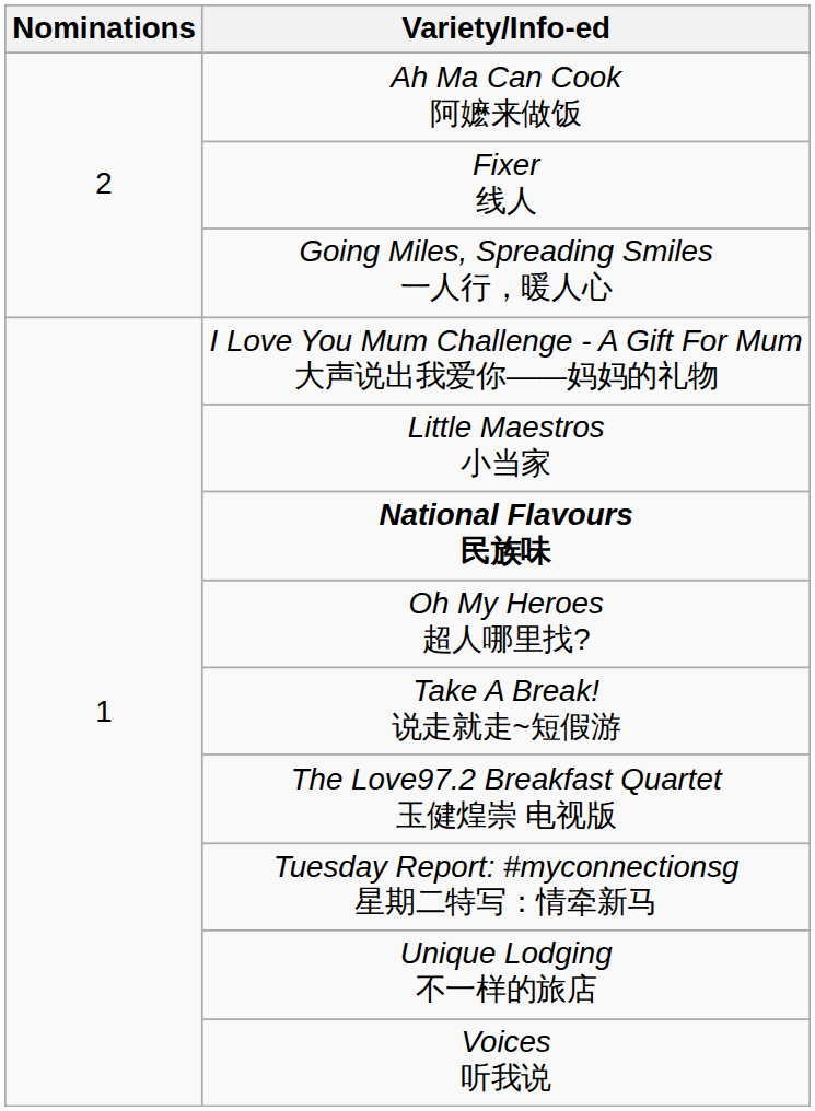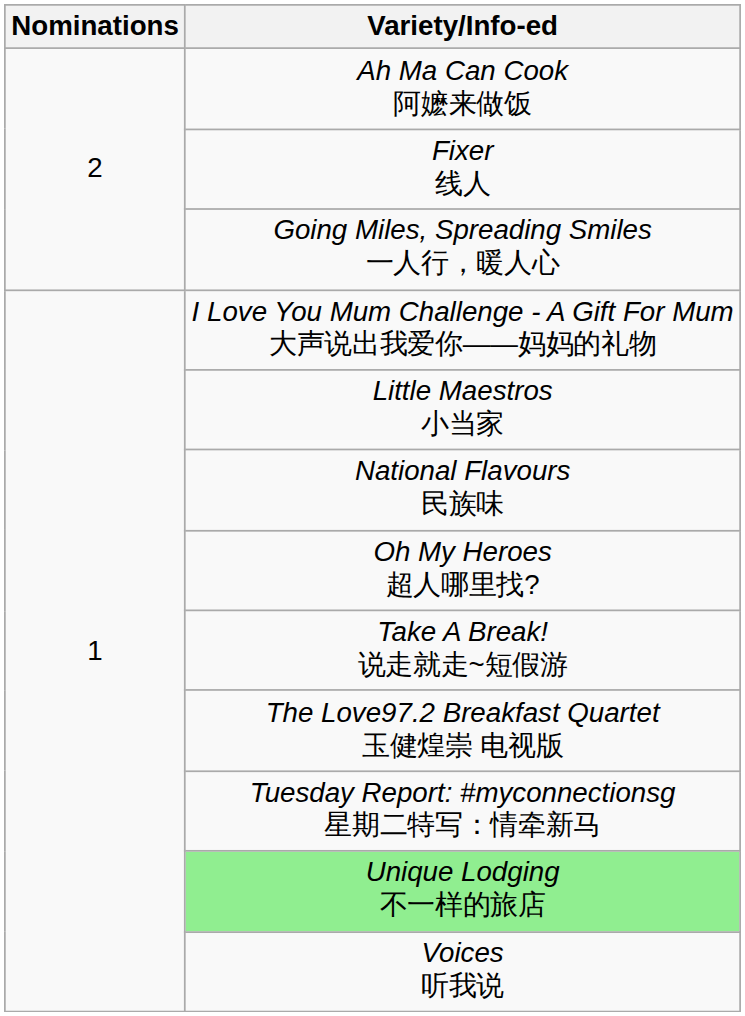 <table class="wikitable plainrowheaders" style="text-align: center">
 <tr>
 <th scope="col" style="width:55px;">Nominations</th>
 <th scope="col" style="text-align:center;">Variety/Info-ed</th>
 </tr>
 <tr>
 <td rowspan=3 scope=row style="text-align:center">2</td>
 <td><em>Ah Ma Can Cook</em><br>阿嬷来做饭</td>
 </tr>
 <tr>
 <td><em>Fixer</em><br>线人</td>
 </tr>
 <tr>
 <td><em>Going Miles, Spreading Smiles</em><br>一人行，暖人心</td>
 </tr>
 <tr>
 <td rowspan=9 scope=row style="text-align:center">1</td>
 <td><em>I Love You Mum Challenge - A Gift For Mum</em><br>大声说出我爱你——妈妈的礼物</td>
 </tr>
 <tr>
 <td><em>Little Maestros</em><br>小当家</td>
 </tr>
 <tr>
-<td><strong><em>National Flavours</em><br>民族味</strong></td>
+<td><em>National Flavours</em><br>民族味</td>
 </tr>
 <tr>
 <td><em>Oh My Heroes</em><br>超人哪里找?</td>
 </tr>
 <tr>
 <td><em>Take A Break!</em><br>说走就走~短假游</td>
 </tr>
 <tr>
 <td><em>The Love97.2 Breakfast Quartet</em><br>玉健煌崇 电视版</td>
 </tr>
 <tr>
 <td><em>Tuesday Report: #myconnectionsg</em><br>星期二特写：情牵新马</td>
 </tr>
 <tr>
-<td><em>Unique Lodging</em><br>不一样的旅店</td>
+<td style="background: lightgreen;"><em>Unique Lodging</em><br>不一样的旅店</td>
 </tr>
 <tr>
 <td><em>Voices</em><br>听我说</td>
 </tr>
 <tr>
 </tr>
 </table>
